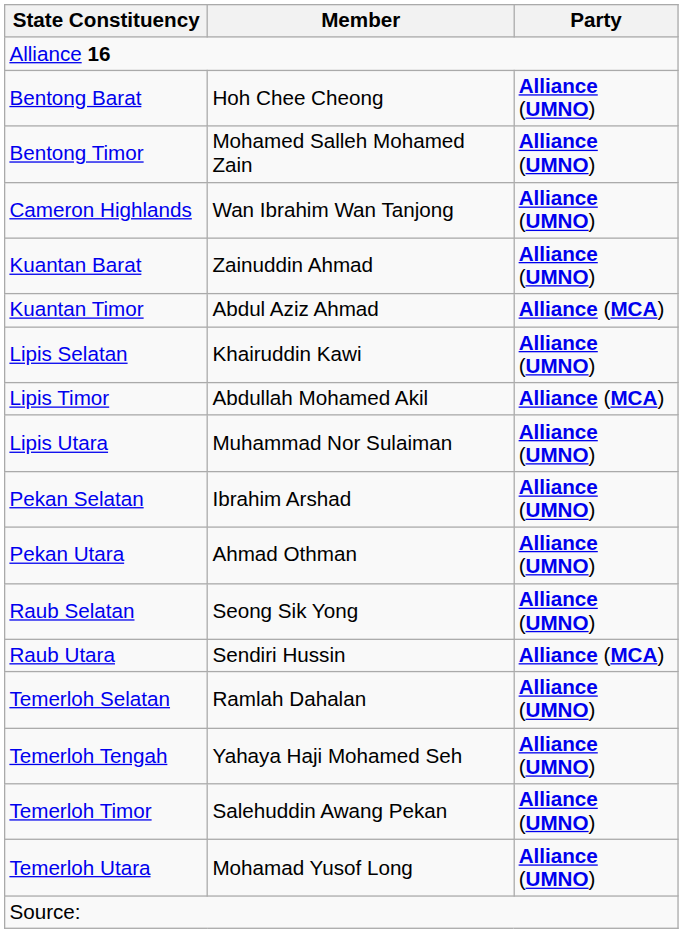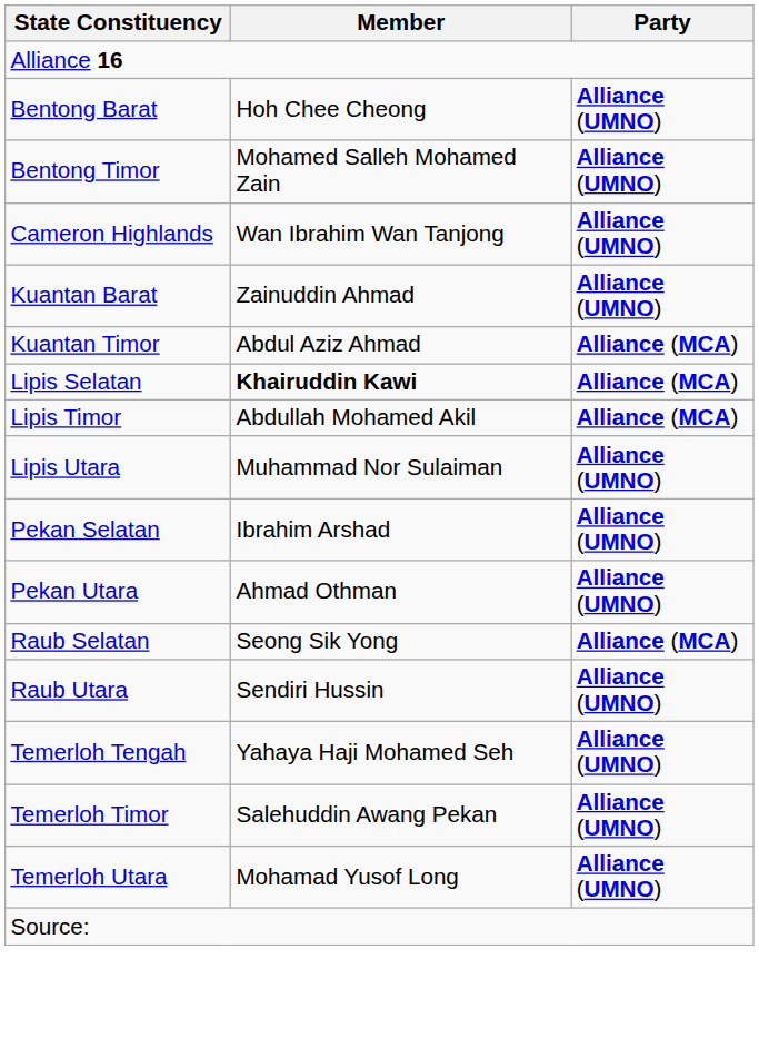 <table class="wikitable sortable">
 <tr>
 <th style="width:150px;">State Constituency</th>
 <th style="width:230px;">Member</th>
 <th style="width:120px;">Party</th>
 </tr>
 <tr>
 <td colspan="3"><a href='#'>Alliance</a> <strong>16</strong></td>
 </tr>
 <tr>
 <td><a href='#'>Bentong Barat</a></td>
 <td>Hoh Chee Cheong</td>
 <td><strong><a href='#'>Alliance</a></strong> (<strong><a href='#'>UMNO</a></strong>)</td>
 </tr>
 <tr>
 <td><a href='#'>Bentong Timor</a></td>
 <td>Mohamed Salleh Mohamed Zain</td>
 <td><strong><a href='#'>Alliance</a></strong> (<strong><a href='#'>UMNO</a></strong>)</td>
 </tr>
 <tr>
 <td><a href='#'>Cameron Highlands</a></td>
 <td>Wan Ibrahim Wan Tanjong</td>
 <td><strong><a href='#'>Alliance</a></strong> (<strong><a href='#'>UMNO</a></strong>)</td>
 </tr>
 <tr>
 <td><a href='#'>Kuantan Barat</a></td>
 <td>Zainuddin Ahmad</td>
 <td><strong><a href='#'>Alliance</a></strong> (<strong><a href='#'>UMNO</a></strong>)</td>
 </tr>
 <tr>
 <td><a href='#'>Kuantan Timor</a></td>
 <td>Abdul Aziz Ahmad</td>
 <td><strong><a href='#'>Alliance</a></strong> (<strong><a href='#'>MCA</a></strong>)</td>
 </tr>
 <tr>
 <td><a href='#'>Lipis Selatan</a></td>
-<td>Khairuddin Kawi</td>
-<td><strong><a href='#'>Alliance</a></strong> (<strong><a href='#'>UMNO</a></strong>)</td>
+<td><strong>Khairuddin Kawi</strong></td>
+<td><strong><a href='#'>Alliance</a></strong> (<strong><a href='#'>MCA</a></strong>)</td>
 </tr>
 <tr>
 <td><a href='#'>Lipis Timor</a></td>
 <td>Abdullah Mohamed Akil</td>
 <td><strong><a href='#'>Alliance</a></strong> (<strong><a href='#'>MCA</a></strong>)</td>
 </tr>
 <tr>
 <td><a href='#'>Lipis Utara</a></td>
 <td>Muhammad Nor Sulaiman</td>
 <td><strong><a href='#'>Alliance</a></strong> (<strong><a href='#'>UMNO</a></strong>)</td>
 </tr>
 <tr>
 <td><a href='#'>Pekan Selatan</a></td>
 <td>Ibrahim Arshad</td>
 <td><strong><a href='#'>Alliance</a></strong> (<strong><a href='#'>UMNO</a></strong>)</td>
 </tr>
 <tr>
 <td><a href='#'>Pekan Utara</a></td>
 <td>Ahmad Othman</td>
 <td><strong><a href='#'>Alliance</a></strong> (<strong><a href='#'>UMNO</a></strong>)</td>
 </tr>
 <tr>
 <td><a href='#'>Raub Selatan</a></td>
 <td>Seong Sik Yong</td>
-<td><strong><a href='#'>Alliance</a></strong> (<strong><a href='#'>UMNO</a></strong>)</td>
+<td><strong><a href='#'>Alliance</a></strong> (<strong><a href='#'>MCA</a></strong>)</td>
 </tr>
 <tr>
 <td><a href='#'>Raub Utara</a></td>
 <td>Sendiri Hussin</td>
-<td><strong><a href='#'>Alliance</a></strong> (<strong><a href='#'>MCA</a></strong>)</td>
-</tr>
-<tr>
-<td><a href='#'>Temerloh Selatan</a></td>
-<td>Ramlah Dahalan</td>
 <td><strong><a href='#'>Alliance</a></strong> (<strong><a href='#'>UMNO</a></strong>)</td>
 </tr>
 <tr>
 <td><a href='#'>Temerloh Tengah</a></td>
 <td>Yahaya Haji Mohamed Seh</td>
 <td><strong><a href='#'>Alliance</a></strong> (<strong><a href='#'>UMNO</a></strong>)</td>
 </tr>
 <tr>
 <td><a href='#'>Temerloh Timor</a></td>
 <td>Salehuddin Awang Pekan</td>
 <td><strong><a href='#'>Alliance</a></strong> (<strong><a href='#'>UMNO</a></strong>)</td>
 </tr>
 <tr>
 <td><a href='#'>Temerloh Utara</a></td>
 <td>Mohamad Yusof Long</td>
 <td><strong><a href='#'>Alliance</a></strong> (<strong><a href='#'>UMNO</a></strong>)</td>
 </tr>
 <tr>
 <td colspan="3">Source:</td>
 </tr>
 </table>
